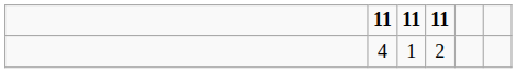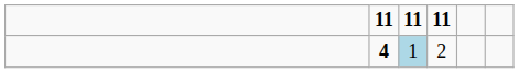 <table class="wikitable">
 <tr>
 <td style="width:18em"></td>
 <td align=center style="width:1em"><strong>11</strong></td>
 <td align=center style="width:1em"><strong>11</strong></td>
 <td align=center style="width:1em"><strong>11</strong></td>
 <td align=center style="width:1em"></td>
 <td align=center style="width:1em"></td>
 </tr>
 <tr>
 <td style="width:18em"></td>
-<td align=center style="width:1em">4</td>
-<td align=center style="width:1em">1</td>
+<td align=center style="width:1em"><strong>4</strong></td>
+<td align=center style="background: lightblue; width:1em">1</td>
 <td align=center style="width:1em">2</td>
 <td align=center style="width:1em"></td>
 <td align=center style="width:1em"></td>
 </tr>
 </table>
